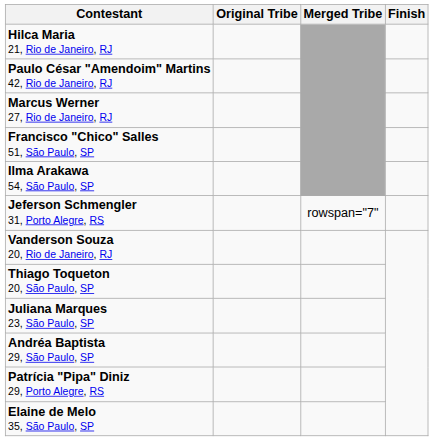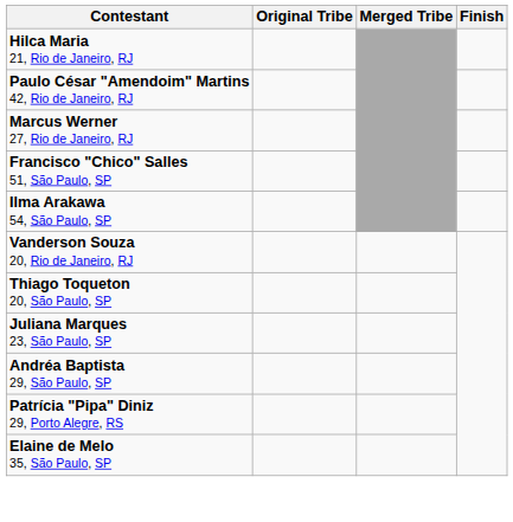 <table class="wikitable sortable" style="margin:auto; text-align:center">
 <tr>
 <th>Contestant</th>
 <th>Original Tribe</th>
 <th>Merged Tribe</th>
 <th>Finish</th>
 </tr>
 <tr>
 <td align="left"><strong>Hilca Maria</strong><br><small>21, <a href='#'>Rio de Janeiro</a>, <a href='#'>RJ</a></small></td>
 <td></td>
 <td style="background:darkgrey;" rowspan="5"></td>
 <td></td>
 </tr>
 <tr>
 <td align="left"><strong>Paulo César "Amendoim" Martins</strong><br><small>42, <a href='#'>Rio de Janeiro</a>, <a href='#'>RJ</a></small></td>
 <td></td>
 <td></td>
 </tr>
 <tr>
 <td align="left"><strong>Marcus Werner</strong><br><small>27, <a href='#'>Rio de Janeiro</a>, <a href='#'>RJ</a></small></td>
 <td></td>
 <td></td>
 </tr>
 <tr>
 <td align="left"><strong>Francisco "Chico" Salles</strong><br><small>51, <a href='#'>São Paulo</a>, <a href='#'>SP</a></small></td>
 <td></td>
 <td></td>
 </tr>
 <tr>
 <td align="left"><strong>Ilma Arakawa</strong><br><small>54, <a href='#'>São Paulo</a>, <a href='#'>SP</a></small></td>
 <td></td>
 <td></td>
 </tr>
 <tr>
-<td align="left"><strong>Jeferson Schmengler</strong><br><small>31, <a href='#'>Porto Alegre</a>, <a href='#'>RS</a></small></td>
-<td></td>
-<td>rowspan="7" </td>
-<td></td>
-</tr>
-<tr>
 <td align="left"><strong>Vanderson Souza</strong><br><small>20, <a href='#'>Rio de Janeiro</a>, <a href='#'>RJ</a></small></td>
 <td></td>
 <td></td>
 </tr>
 <tr>
 <td align="left"><strong>Thiago Toqueton</strong><br><small>20, <a href='#'>São Paulo</a>, <a href='#'>SP</a></small></td>
 <td></td>
 <td></td>
 </tr>
 <tr>
 <td align="left"><strong>Juliana Marques</strong><br><small>23, <a href='#'>São Paulo</a>, <a href='#'>SP</a></small></td>
 <td></td>
 <td></td>
 </tr>
 <tr>
 <td align="left"><strong>Andréa Baptista</strong><br><small>29, <a href='#'>São Paulo</a>, <a href='#'>SP</a></small></td>
 <td></td>
 <td></td>
 </tr>
 <tr>
 <td align="left"><strong>Patrícia "Pipa" Diniz</strong><br><small>29, <a href='#'>Porto Alegre</a>, <a href='#'>RS</a></small></td>
 <td></td>
 <td></td>
 </tr>
 <tr>
 <td align="left"><strong>Elaine de Melo</strong><br><small>35, <a href='#'>São Paulo</a>, <a href='#'>SP</a></small></td>
 <td></td>
 <td></td>
 </tr>
 </table>
